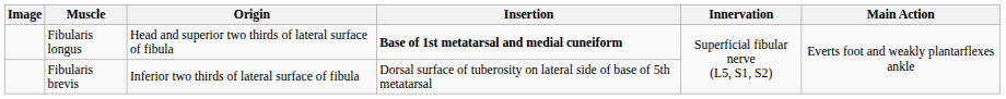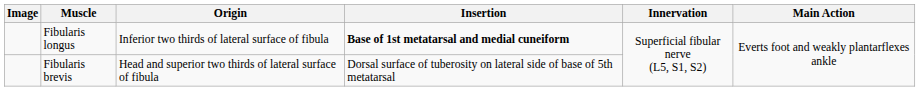 <table class="wikitable">
 <tr>
 <th>Image</th>
 <th>Muscle</th>
 <th>Origin</th>
 <th>Insertion</th>
 <th>Innervation</th>
 <th>Main Action</th>
 </tr>
 <tr>
 <td></td>
 <td>Fibularis longus</td>
-<td>Head and superior two thirds of lateral surface of fibula</td>
+<td>Inferior two thirds of lateral surface of fibula</td>
 <td><strong>Base of 1st metatarsal and medial cuneiform</strong></td>
 <td rowspan=2 colspan=1 style="text-align: center;">Superficial fibular nerve <br> (L5, S1, S2)</td>
 <td rowspan=2 colspan=1 style="text-align: center;">Everts foot and weakly plantarflexes ankle</td>
 </tr>
 <tr>
 <td></td>
 <td>Fibularis brevis</td>
-<td>Inferior two thirds of lateral surface of fibula</td>
+<td>Head and superior two thirds of lateral surface of fibula</td>
 <td>Dorsal surface of tuberosity on lateral side of base of 5th metatarsal</td>
 </tr>
 </table>
